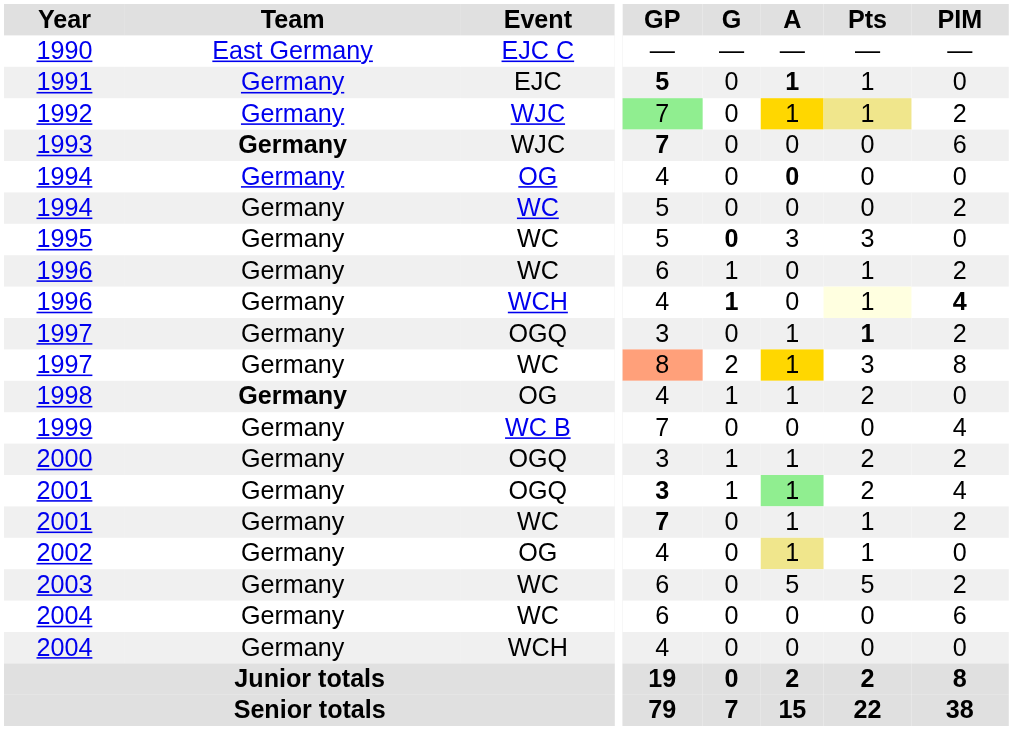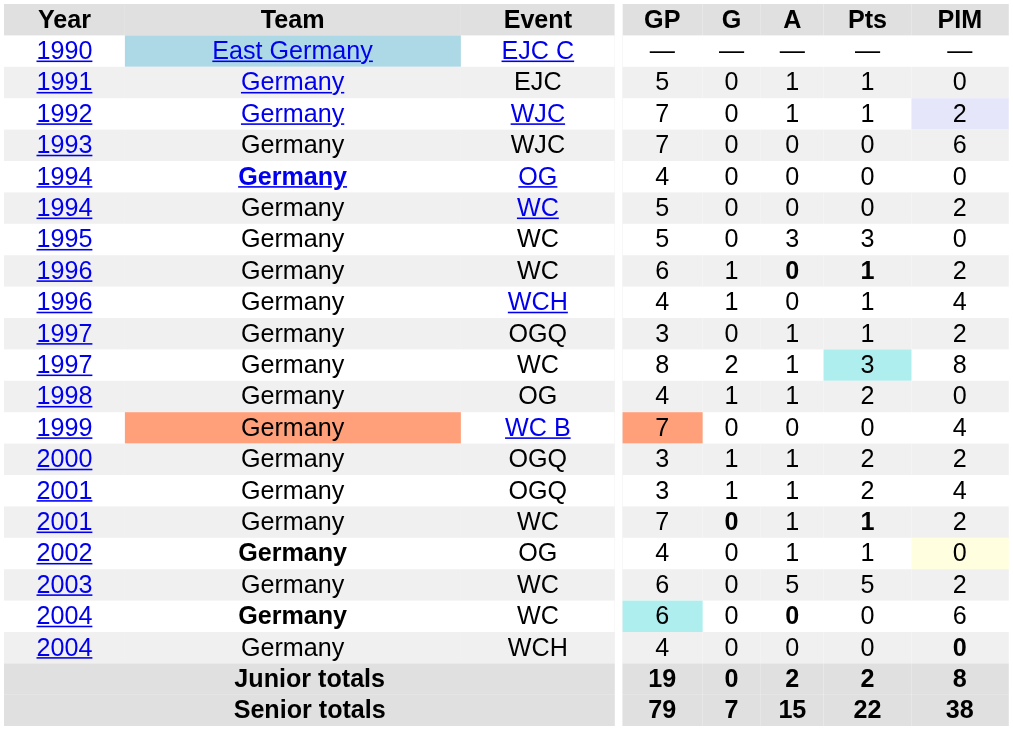 <table border="0" cellpadding="1" cellspacing="0" ID="Table3" style="text-align:center; width:40em">
 <tr bgcolor="#e0e0e0">
 <th>Year</th>
 <th>Team</th>
 <th>Event</th>
 <th rowspan="102" bgcolor="#ffffff"></th>
 <th>GP</th>
 <th>G</th>
 <th>A</th>
 <th>Pts</th>
 <th>PIM</th>
 </tr>
 <tr>
 <td><a href='#'>1990</a></td>
-<td><a href='#'>East Germany</a></td>
+<td style="background: lightblue;"><a href='#'>East Germany</a></td>
 <td><a href='#'>EJC C</a></td>
 <td>—</td>
 <td>—</td>
 <td>—</td>
 <td>—</td>
 <td>—</td>
 </tr>
 <tr bgcolor="#f0f0f0">
 <td><a href='#'>1991</a></td>
 <td><a href='#'>Germany</a></td>
 <td>EJC</td>
-<td><strong>5</strong></td>
+<td>5</td>
 <td>0</td>
-<td><strong>1</strong></td>
+<td>1</td>
 <td>1</td>
 <td>0</td>
 </tr>
 <tr>
 <td><a href='#'>1992</a></td>
 <td><a href='#'>Germany</a></td>
 <td><a href='#'>WJC</a></td>
-<td style="background: lightgreen;">7</td>
+<td>7</td>
 <td>0</td>
-<td style="background: gold;">1</td>
-<td style="background: khaki;">1</td>
-<td>2</td>
+<td>1</td>
+<td>1</td>
+<td style="background: lavender;">2</td>
 </tr>
 <tr bgcolor="#f0f0f0">
 <td><a href='#'>1993</a></td>
-<td><strong>Germany</strong></td>
+<td>Germany</td>
 <td>WJC</td>
-<td><strong>7</strong></td>
+<td>7</td>
 <td>0</td>
 <td>0</td>
 <td>0</td>
 <td>6</td>
 </tr>
 <tr>
 <td><a href='#'>1994</a></td>
-<td><a href='#'>Germany</a></td>
+<td><strong><a href='#'>Germany</a></strong></td>
 <td><a href='#'>OG</a></td>
 <td>4</td>
 <td>0</td>
-<td><strong>0</strong></td>
+<td>0</td>
 <td>0</td>
 <td>0</td>
 </tr>
 <tr bgcolor="#f0f0f0">
 <td><a href='#'>1994</a></td>
 <td>Germany</td>
 <td><a href='#'>WC</a></td>
 <td>5</td>
 <td>0</td>
 <td>0</td>
 <td>0</td>
 <td>2</td>
 </tr>
 <tr>
 <td><a href='#'>1995</a></td>
 <td>Germany</td>
 <td>WC</td>
 <td>5</td>
-<td><strong>0</strong></td>
+<td>0</td>
 <td>3</td>
 <td>3</td>
 <td>0</td>
 </tr>
 <tr bgcolor="#f0f0f0">
 <td><a href='#'>1996</a></td>
 <td>Germany</td>
 <td>WC</td>
 <td>6</td>
 <td>1</td>
-<td>0</td>
-<td>1</td>
+<td><strong>0</strong></td>
+<td><strong>1</strong></td>
 <td>2</td>
 </tr>
 <tr>
 <td><a href='#'>1996</a></td>
 <td>Germany</td>
 <td><a href='#'>WCH</a></td>
 <td>4</td>
-<td><strong>1</strong></td>
+<td>1</td>
 <td>0</td>
-<td style="background: lightyellow;">1</td>
-<td><strong>4</strong></td>
+<td>1</td>
+<td>4</td>
 </tr>
 <tr bgcolor="#f0f0f0">
 <td><a href='#'>1997</a></td>
 <td>Germany</td>
 <td>OGQ</td>
 <td>3</td>
 <td>0</td>
 <td>1</td>
-<td><strong>1</strong></td>
+<td>1</td>
 <td>2</td>
 </tr>
 <tr>
 <td><a href='#'>1997</a></td>
 <td>Germany</td>
 <td>WC</td>
-<td style="background: lightsalmon;">8</td>
+<td>8</td>
 <td>2</td>
-<td style="background: gold;">1</td>
-<td>3</td>
+<td>1</td>
+<td style="background: paleturquoise;">3</td>
 <td>8</td>
 </tr>
 <tr bgcolor="#f0f0f0">
 <td><a href='#'>1998</a></td>
-<td><strong>Germany</strong></td>
+<td>Germany</td>
 <td>OG</td>
 <td>4</td>
 <td>1</td>
 <td>1</td>
 <td>2</td>
 <td>0</td>
 </tr>
 <tr>
 <td><a href='#'>1999</a></td>
-<td>Germany</td>
+<td style="background: lightsalmon;">Germany</td>
 <td><a href='#'>WC B</a></td>
-<td>7</td>
+<td style="background: lightsalmon;">7</td>
 <td>0</td>
 <td>0</td>
 <td>0</td>
 <td>4</td>
 </tr>
 <tr bgcolor="#f0f0f0">
 <td><a href='#'>2000</a></td>
 <td>Germany</td>
 <td>OGQ</td>
 <td>3</td>
 <td>1</td>
 <td>1</td>
 <td>2</td>
 <td>2</td>
 </tr>
 <tr>
 <td><a href='#'>2001</a></td>
 <td>Germany</td>
 <td>OGQ</td>
-<td><strong>3</strong></td>
+<td>3</td>
 <td>1</td>
-<td style="background: lightgreen;">1</td>
+<td>1</td>
 <td>2</td>
 <td>4</td>
 </tr>
 <tr bgcolor="#f0f0f0">
 <td><a href='#'>2001</a></td>
 <td>Germany</td>
 <td>WC</td>
-<td><strong>7</strong></td>
-<td>0</td>
+<td>7</td>
+<td><strong>0</strong></td>
 <td>1</td>
-<td>1</td>
+<td><strong>1</strong></td>
 <td>2</td>
 </tr>
 <tr>
 <td><a href='#'>2002</a></td>
-<td>Germany</td>
+<td><strong>Germany</strong></td>
 <td>OG</td>
 <td>4</td>
 <td>0</td>
-<td style="background: khaki;">1</td>
 <td>1</td>
-<td>0</td>
+<td>1</td>
+<td style="background: lightyellow;">0</td>
 </tr>
 <tr bgcolor="#f0f0f0">
 <td><a href='#'>2003</a></td>
 <td>Germany</td>
 <td>WC</td>
 <td>6</td>
 <td>0</td>
 <td>5</td>
 <td>5</td>
 <td>2</td>
 </tr>
 <tr>
 <td><a href='#'>2004</a></td>
-<td>Germany</td>
+<td><strong>Germany</strong></td>
 <td>WC</td>
-<td>6</td>
+<td style="background: paleturquoise;">6</td>
 <td>0</td>
-<td>0</td>
+<td><strong>0</strong></td>
 <td>0</td>
 <td>6</td>
 </tr>
 <tr bgcolor="#f0f0f0">
 <td><a href='#'>2004</a></td>
 <td>Germany</td>
 <td>WCH</td>
 <td>4</td>
 <td>0</td>
 <td>0</td>
 <td>0</td>
-<td>0</td>
+<td><strong>0</strong></td>
 </tr>
 <tr bgcolor="#e0e0e0">
 <th colspan="3">Junior totals</th>
 <th>19</th>
 <th>0</th>
 <th>2</th>
 <th>2</th>
 <th>8</th>
 </tr>
 <tr bgcolor="#e0e0e0">
 <th colspan="3">Senior totals</th>
 <th>79</th>
 <th>7</th>
 <th>15</th>
 <th>22</th>
 <th>38</th>
 </tr>
 </table>
